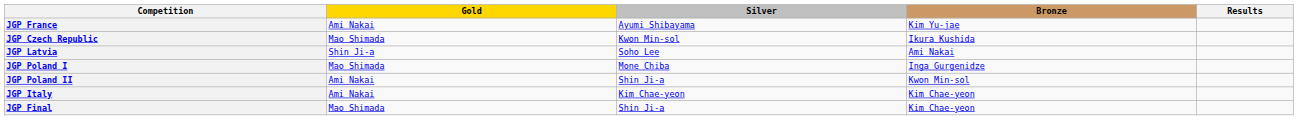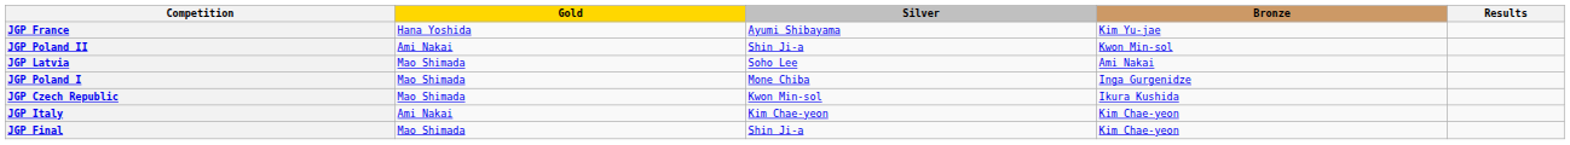 <table class="wikitable unsortable" style="text-align:left; width:100%">
 <tr>
 <th scope="col" style="text-align:center; width:25%;">Competition</th>
 <td scope="col" style="text-align:center; width:22.5%; background:gold"><strong>Gold</strong></td>
 <td scope="col" style="text-align:center; width:22.5%; background:silver"><strong>Silver</strong></td>
 <td scope="col" style="text-align:center; width:22.5%; background:#c96"><strong>Bronze</strong></td>
 <th scope="col" style="text-align:center; width:7.5%;">Results</th>
 </tr>
 <tr>
 <th scope="row" style="text-align:left"> <a href='#'>JGP France</a></th>
-<td> <a href='#'>Ami Nakai</a></td>
+<td> <a href='#'>Hana Yoshida</a></td>
 <td> <a href='#'>Ayumi Shibayama</a></td>
 <td> <a href='#'>Kim Yu-jae</a></td>
 <td></td>
 </tr>
 <tr>
-<th scope="row" style="text-align:left"> <a href='#'>JGP Czech Republic</a></th>
-<td> <a href='#'>Mao Shimada</a></td>
+<th scope="row" style="text-align:left"> <a href='#'>JGP Poland II</a></th>
+<td> <a href='#'>Ami Nakai</a></td>
+<td> <a href='#'>Shin Ji-a</a></td>
 <td> <a href='#'>Kwon Min-sol</a></td>
-<td> <a href='#'>Ikura Kushida</a></td>
 <td></td>
 </tr>
 <tr>
 <th scope="row" style="text-align:left"> <a href='#'>JGP Latvia</a></th>
-<td> <a href='#'>Shin Ji-a</a></td>
+<td> <a href='#'>Mao Shimada</a></td>
 <td> <a href='#'>Soho Lee</a></td>
 <td> <a href='#'>Ami Nakai</a></td>
 <td></td>
 </tr>
 <tr>
 <th scope="row" style="text-align:left"> <a href='#'>JGP Poland I</a></th>
 <td> <a href='#'>Mao Shimada</a></td>
 <td> <a href='#'>Mone Chiba</a></td>
 <td> <a href='#'>Inga Gurgenidze</a></td>
 <td></td>
 </tr>
 <tr>
-<th scope="row" style="text-align:left"> <a href='#'>JGP Poland II</a></th>
-<td> <a href='#'>Ami Nakai</a></td>
-<td> <a href='#'>Shin Ji-a</a></td>
+<th scope="row" style="text-align:left"> <a href='#'>JGP Czech Republic</a></th>
+<td> <a href='#'>Mao Shimada</a></td>
 <td> <a href='#'>Kwon Min-sol</a></td>
+<td> <a href='#'>Ikura Kushida</a></td>
 <td></td>
 </tr>
 <tr>
 <th scope="row" style="text-align:left"> <a href='#'>JGP Italy</a></th>
 <td> <a href='#'>Ami Nakai</a></td>
 <td> <a href='#'>Kim Chae-yeon</a></td>
 <td> <a href='#'>Kim Chae-yeon</a></td>
 <td></td>
 </tr>
 <tr>
 <th scope="row" style="text-align:left"> <a href='#'>JGP Final</a></th>
 <td> <a href='#'>Mao Shimada</a></td>
 <td> <a href='#'>Shin Ji-a</a></td>
 <td> <a href='#'>Kim Chae-yeon</a></td>
 <td></td>
 </tr>
 </table>
